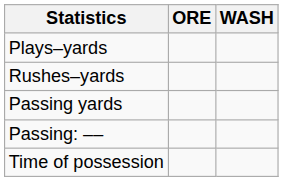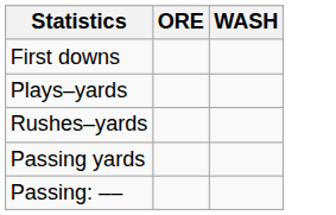 <table class="wikitable" style="float:left">
 <tr>
 <th>Statistics</th>
 <th>ORE</th>
 <th>WASH</th>
+</tr>
+<tr>
+<td>First downs</td>
+<td></td>
+<td></td>
 </tr>
 <tr>
 <td>Plays–yards</td>
 <td></td>
 <td></td>
 </tr>
 <tr>
 <td>Rushes–yards</td>
 <td></td>
 <td></td>
 </tr>
 <tr>
 <td>Passing yards</td>
 <td></td>
 <td></td>
 </tr>
 <tr>
 <td>Passing: ––</td>
 <td></td>
 <td></td>
 </tr>
-<tr>
-<td>Time of possession</td>
-<td></td>
-<td></td>
-</tr>
 </table>
